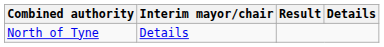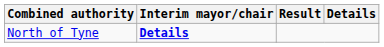 <table class="wikitable">
 <tr>
 <th scope="col">Combined authority</th>
 <th scope="col" colspan=2>Interim mayor/chair</th>
 <th scope="col" colspan=2>Result</th>
 <th scope="col">Details</th>
 </tr>
 <tr>
 <td scope="row" style="text-align: left;"><a href='#'>North of Tyne</a><br> </td>
-<td><a href='#'>Details</a></td>
+<td><strong><a href='#'>Details</a></strong></td>
 </tr>
 </table>
